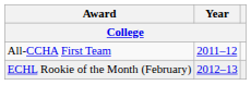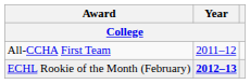 <table class="wikitable">
 <tr>
 <th>Award</th>
 <th>Year</th>
 <th></th>
 </tr>
 <tr ALIGN="center" bgcolor="#e0e0e0">
 <th colspan="3"><a href='#'>College</a></th>
 </tr>
 <tr>
 <td>All-<a href='#'>CCHA</a> <a href='#'>First Team</a></td>
 <td><a href='#'>2011–12</a></td>
 <td></td>
 </tr>
 <tr bgcolor="#f0f0f0">
 <td><a href='#'>ECHL</a> Rookie of the Month (February)</td>
-<td><a href='#'>2012–13</a></td>
+<td><strong><a href='#'>2012–13</a></strong></td>
 <td></td>
 </tr>
 </table>
